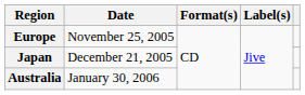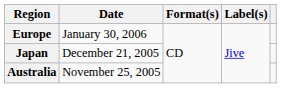 <table class="wikitable plainrowheaders">
 <tr>
 <th scope="col">Region</th>
 <th scope="col">Date</th>
 <th scope="col">Format(s)</th>
 <th scope="col">Label(s)</th>
 <th scope="col"></th>
 </tr>
 <tr>
 <th scope="row">Europe</th>
-<td>November 25, 2005</td>
+<td>January 30, 2006</td>
 <td rowspan="3">CD</td>
 <td rowspan="3"><a href='#'>Jive</a></td>
 <td></td>
 </tr>
 <tr>
 <th scope="row">Japan</th>
 <td>December 21, 2005</td>
 <td></td>
 </tr>
 <tr>
 <th scope="row">Australia</th>
-<td>January 30, 2006</td>
+<td>November 25, 2005</td>
 <td></td>
 </tr>
 </table>
